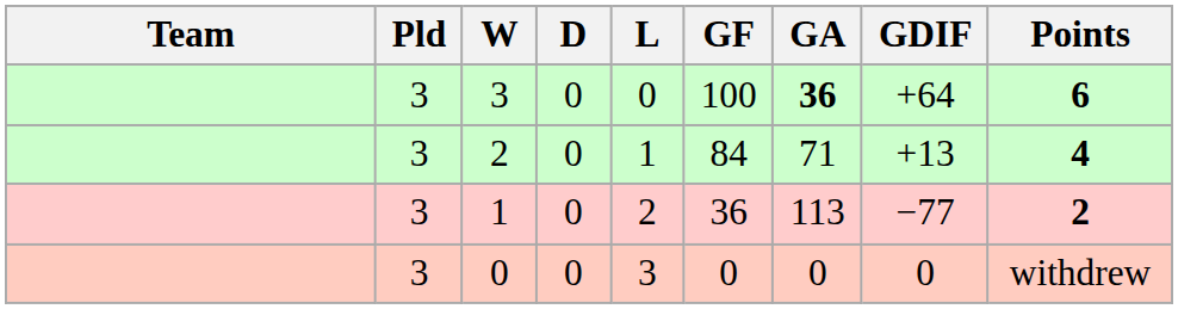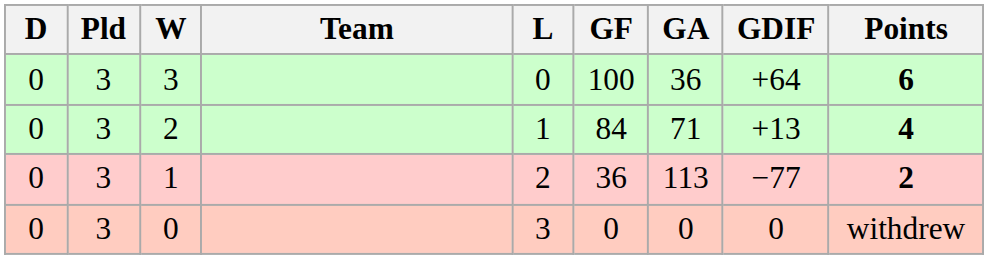 <table class=wikitable style="text-align:center" width=500>
 <tr>
-<th width=25%>Team</th>
+<th width=5%>D</th>
 <th width=5%>Pld</th>
 <th width=5%>W</th>
-<th width=5%>D</th>
+<th width=25%>Team</th>
 <th width=5%>L</th>
 <th width=5%>GF</th>
 <th width=5%>GA</th>
 <th width=5%>GDIF</th>
 <th width=8%>Points</th>
 </tr>
 <tr bgcolor=ccffcc>
-<td align="left"></td>
+<td>0</td>
 <td>3</td>
 <td>3</td>
-<td>0</td>
+<td align="left"></td>
 <td>0</td>
 <td>100</td>
-<td><strong>36</strong></td>
+<td>36</td>
 <td>+64</td>
 <td><strong>6</strong></td>
 </tr>
 <tr bgcolor=ccffcc>
-<td align="left"></td>
+<td>0</td>
 <td>3</td>
 <td>2</td>
-<td>0</td>
+<td align="left"></td>
 <td>1</td>
 <td>84</td>
 <td>71</td>
 <td>+13</td>
 <td><strong>4</strong></td>
 </tr>
 <tr bgcolor=ffcccc>
-<td align="left"></td>
+<td>0</td>
 <td>3</td>
 <td>1</td>
-<td>0</td>
+<td align="left"></td>
 <td>2</td>
 <td>36</td>
 <td>113</td>
 <td>−77</td>
 <td><strong>2</strong></td>
 </tr>
 <tr bgcolor=ffccc>
-<td align="left"></td>
+<td>0</td>
 <td>3</td>
 <td>0</td>
-<td>0</td>
+<td align="left"></td>
 <td>3</td>
 <td>0</td>
 <td>0</td>
 <td>0</td>
 <td>withdrew</td>
 </tr>
 </table>
